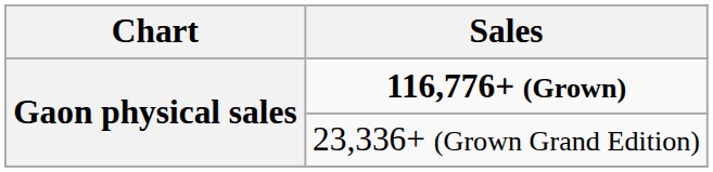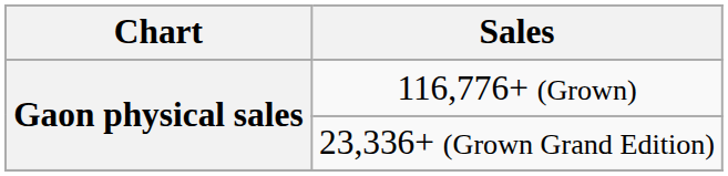 <table class="wikitable">
 <tr>
 <th>Chart</th>
 <th>Sales</th>
 </tr>
 <tr>
 <th scope="row" rowspan="2">Gaon physical sales</th>
-<td align="center"><strong>116,776+ <small>(Grown)</small></strong></td>
+<td align="center">116,776+ <small>(Grown)</small></td>
 </tr>
 <tr>
 <td align="center">23,336+ <small>(Grown Grand Edition)</small></td>
 </tr>
 <tr>
 </tr>
 </table>
